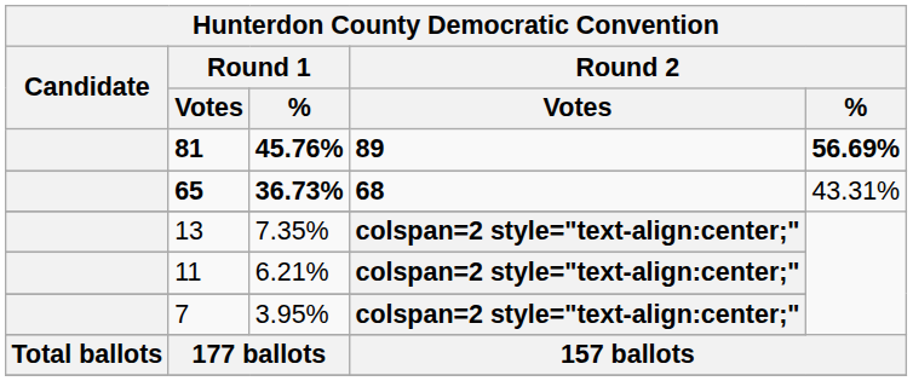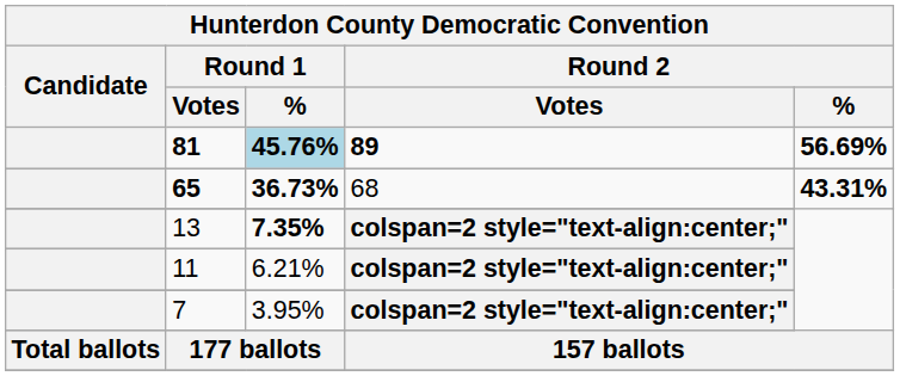 <table class="wikitable sortable">
 <tr>
 <th colspan=" 19 ">Hunterdon County Democratic Convention</th>
 </tr>
 <tr style="background:#eee; text-align:center;">
 <th rowspan=2 style="text-align:center;">Candidate</th>
 <th colspan=2 style="text-align:center;">Round 1</th>
 <th colspan=2 style="text-align:center;">Round 2</th>
 </tr>
 <tr>
 <th>Votes</th>
 <th>%</th>
 <th>Votes</th>
 <th>%</th>
 </tr>
 <tr>
 <th scope="row" style="text-align:left;"></th>
 <td><strong>81</strong></td>
-<td><strong>45.76%</strong></td>
+<td style="background: lightblue;"><strong>45.76%</strong></td>
 <td><strong>89</strong></td>
 <td><strong>56.69%</strong></td>
 </tr>
 <tr>
 </tr>
 <tr>
 </tr>
 <tr>
 <th scope="row" style="text-align:left;"></th>
 <td><strong>65</strong></td>
 <td><strong>36.73%</strong></td>
-<td><strong>68</strong></td>
-<td>43.31%</td>
+<td>68</td>
+<td><strong>43.31%</strong></td>
 </tr>
 <tr>
 </tr>
 <tr>
 </tr>
 <tr>
 <th scope="row" style="text-align:left;"></th>
 <td>13</td>
-<td>7.35%</td>
+<td><strong>7.35%</strong></td>
 <th>colspan=2 style="text-align:center;" </th>
 </tr>
 <tr>
 </tr>
 <tr>
 </tr>
 <tr>
 <th scope="row" style="text-align:left;"></th>
 <td>11</td>
 <td>6.21%</td>
 <th>colspan=2 style="text-align:center;" </th>
 </tr>
 <tr>
 </tr>
 <tr>
 </tr>
 <tr>
 <th scope="row" style="text-align:left;"></th>
 <td>7</td>
 <td>3.95%</td>
 <th>colspan=2 style="text-align:center;" </th>
 </tr>
 <tr>
 </tr>
 <tr>
 <th scope="row" style="text-align:left;">Total ballots</th>
 <th colspan="2">177 ballots</th>
 <th colspan="2">157 ballots</th>
 </tr>
 <tr>
 </tr>
 </table>
